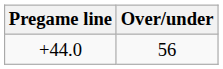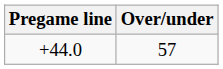 <table class="wikitable" style="margin-left: auto; margin-right: auto; border: none; display: inline-table;">
 <tr align="center">
 <th style=>Pregame line</th>
 <th style=>Over/under</th>
 </tr>
 <tr align="center">
 <td>+44.0</td>
-<td>56</td>
+<td>57</td>
 </tr>
 </table>
